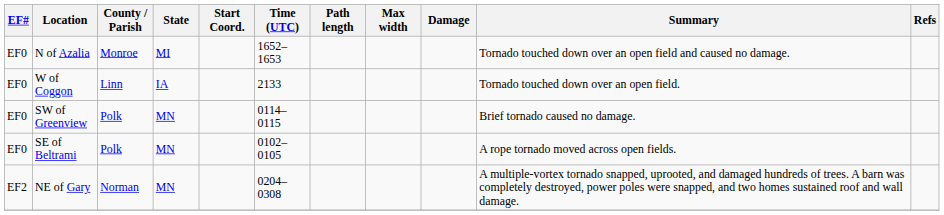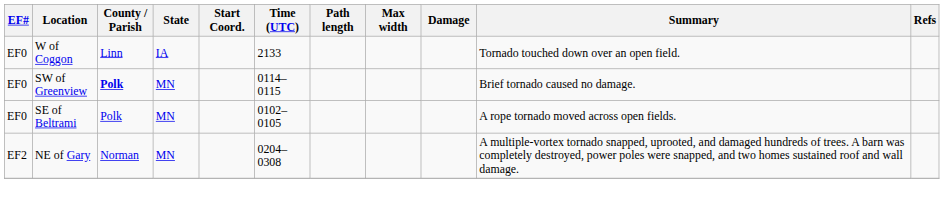 <table class="wikitable sortable" style="width:100%;">
 <tr>
 <th scope="col" width="3%" align="center"><a href='#'>EF#</a></th>
 <th scope="col" width="7%" align="center" class="unsortable">Location</th>
 <th scope="col" width="6%" align="center" class="unsortable">County / Parish</th>
 <th scope="col" width="5%" align="center">State</th>
 <th scope="col" width="6%" align="center">Start Coord.</th>
 <th scope="col" width="6%" align="center">Time (<a href='#'>UTC</a>)</th>
 <th scope="col" width="6%" align="center">Path length</th>
 <th scope="col" width="6%" align="center">Max width</th>
 <th scope="col" width="6%" align="center">Damage</th>
 <th scope="col" width="48%" class="unsortable" align="center">Summary</th>
 <th scope="col" width="48%" class="unsortable" align="center">Refs</th>
-</tr>
-<tr>
-<td>EF0</td>
-<td>N of <a href='#'>Azalia</a></td>
-<td><a href='#'>Monroe</a></td>
-<td><a href='#'>MI</a></td>
-<td></td>
-<td>1652–1653</td>
-<td></td>
-<td></td>
-<td></td>
-<td>Tornado touched down over an open field and caused no damage.</td>
-<td></td>
 </tr>
 <tr>
 <td>EF0</td>
 <td>W of <a href='#'>Coggon</a></td>
 <td><a href='#'>Linn</a></td>
 <td><a href='#'>IA</a></td>
 <td></td>
 <td>2133</td>
 <td></td>
 <td></td>
 <td></td>
 <td>Tornado touched down over an open field.</td>
 <td></td>
 </tr>
 <tr>
 <td>EF0</td>
 <td>SW of <a href='#'>Greenview</a></td>
-<td><a href='#'>Polk</a></td>
+<td><strong><a href='#'>Polk</a></strong></td>
 <td><a href='#'>MN</a></td>
 <td></td>
 <td>0114–0115</td>
 <td></td>
 <td></td>
 <td></td>
 <td>Brief tornado caused no damage.</td>
 <td></td>
 </tr>
 <tr>
 <td>EF0</td>
 <td>SE of <a href='#'>Beltrami</a></td>
 <td><a href='#'>Polk</a></td>
 <td><a href='#'>MN</a></td>
 <td></td>
 <td>0102–0105</td>
 <td></td>
 <td></td>
 <td></td>
 <td>A rope tornado moved across open fields.</td>
 <td></td>
 </tr>
 <tr>
 <td>EF2</td>
 <td>NE of <a href='#'>Gary</a></td>
 <td><a href='#'>Norman</a></td>
 <td><a href='#'>MN</a></td>
 <td></td>
 <td>0204–0308</td>
 <td></td>
 <td></td>
 <td></td>
 <td>A multiple-vortex tornado snapped, uprooted, and damaged hundreds of trees. A barn was completely destroyed, power poles were snapped, and two homes sustained roof and wall damage.</td>
 <td></td>
 </tr>
 <tr>
 </tr>
 </table>
